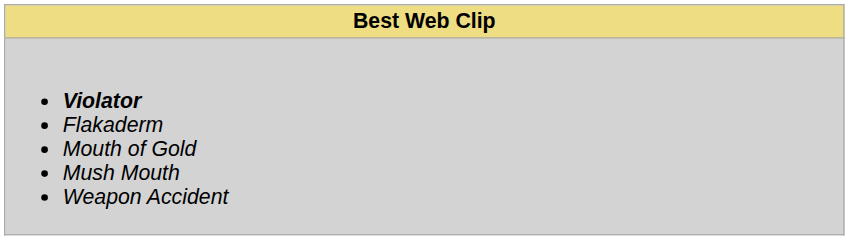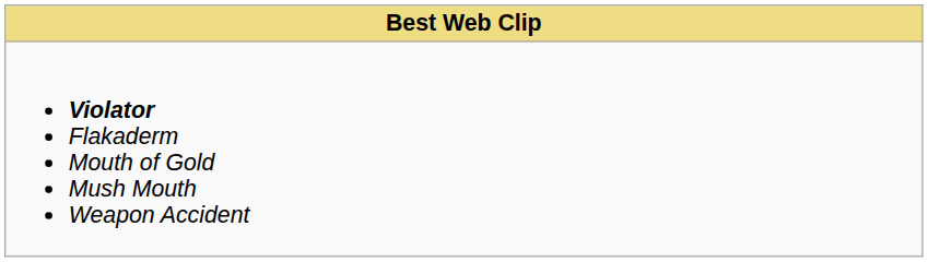 <table class="wikitable" style="width:50%">
 <tr>
 <th style="background:#EEDD82; width:50%">Best Web Clip</th>
 </tr>
 <tr>
-<td valign="top" style="background: lightgrey;"><br><ul><li> <strong><em>Violator</em></strong></li><li><em>Flakaderm</em></li><li><em>Mouth of Gold</em></li><li><em>Mush Mouth</em></li><li><em>Weapon Accident</em></li></ul></td>
+<td valign="top"><br><ul><li> <strong><em>Violator</em></strong></li><li><em>Flakaderm</em></li><li><em>Mouth of Gold</em></li><li><em>Mush Mouth</em></li><li><em>Weapon Accident</em></li></ul></td>
 </tr>
 </table>
